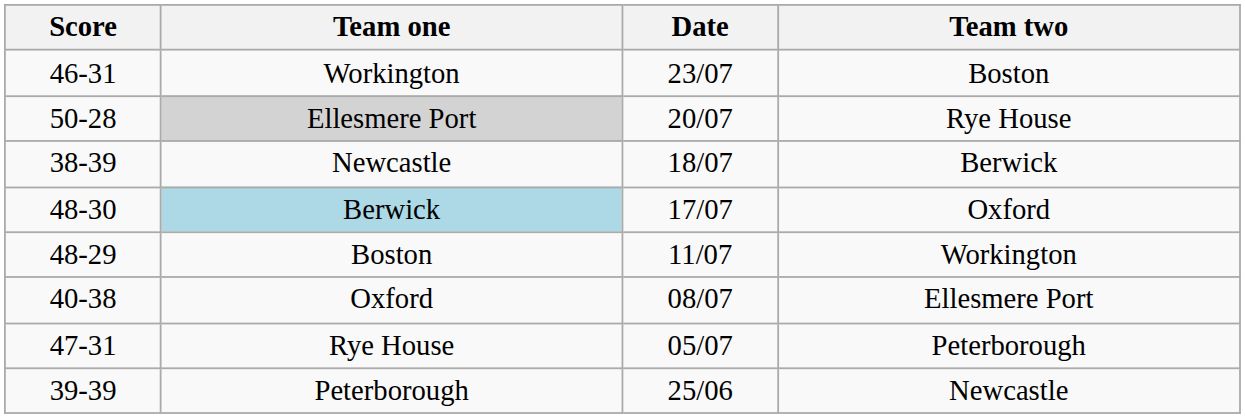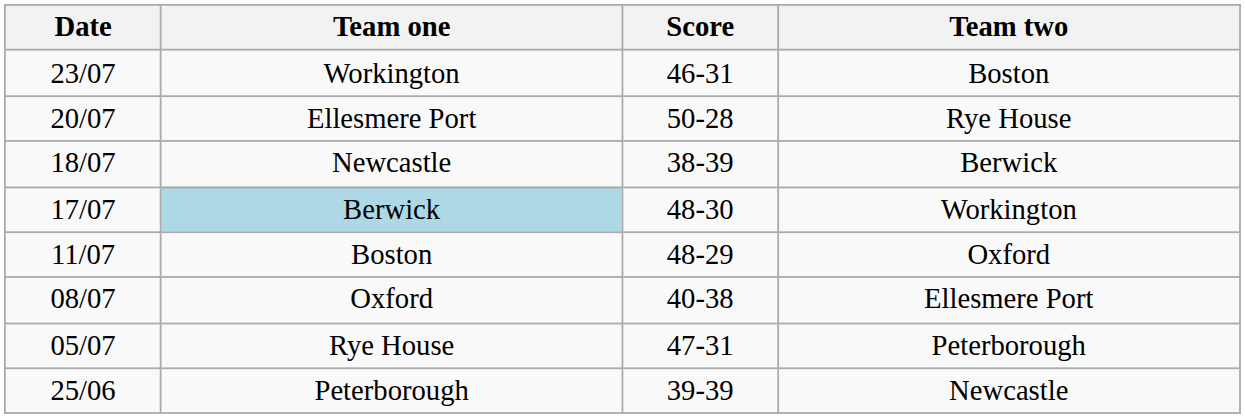 <table class="wikitable" style="text-align: center">
 <tr>
+<th width=80>Date</th>
+<th width=250>Team one</th>
 <th width=80>Score</th>
-<th width=250>Team one</th>
-<th width=80>Date</th>
 <th width=250>Team two</th>
 </tr>
 <tr>
+<td>23/07</td>
+<td>Workington</td>
 <td>46-31</td>
-<td>Workington</td>
-<td>23/07</td>
 <td>Boston</td>
 </tr>
 <tr>
+<td>20/07</td>
+<td>Ellesmere Port</td>
 <td>50-28</td>
-<td style="background: lightgrey;">Ellesmere Port</td>
-<td>20/07</td>
 <td>Rye House</td>
 </tr>
 <tr>
+<td>18/07</td>
+<td>Newcastle</td>
 <td>38-39</td>
-<td>Newcastle</td>
-<td>18/07</td>
 <td>Berwick</td>
 </tr>
 <tr>
+<td>17/07</td>
+<td style="background: lightblue;">Berwick</td>
 <td>48-30</td>
-<td style="background: lightblue;">Berwick</td>
-<td>17/07</td>
+<td>Workington</td>
+</tr>
+<tr>
+<td>11/07</td>
+<td>Boston</td>
+<td>48-29</td>
 <td>Oxford</td>
 </tr>
 <tr>
-<td>48-29</td>
-<td>Boston</td>
-<td>11/07</td>
-<td>Workington</td>
-</tr>
-<tr>
+<td>08/07</td>
+<td>Oxford</td>
 <td>40-38</td>
-<td>Oxford</td>
-<td>08/07</td>
 <td>Ellesmere Port</td>
 </tr>
 <tr>
+<td>05/07</td>
+<td>Rye House</td>
 <td>47-31</td>
-<td>Rye House</td>
-<td>05/07</td>
 <td>Peterborough</td>
 </tr>
 <tr>
+<td>25/06</td>
+<td>Peterborough</td>
 <td>39-39</td>
-<td>Peterborough</td>
-<td>25/06</td>
 <td>Newcastle</td>
 </tr>
 </table>
